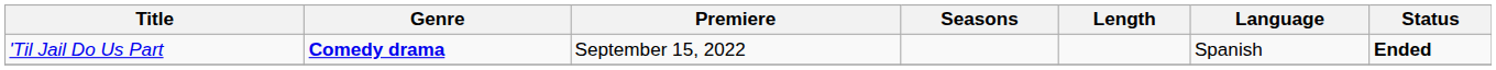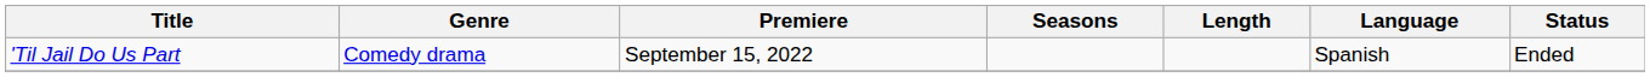 <table class="wikitable sortable" style="width:100%;">
 <tr>
 <th>Title</th>
 <th>Genre</th>
 <th>Premiere</th>
 <th>Seasons</th>
 <th>Length</th>
 <th>Language</th>
 <th>Status</th>
 </tr>
 <tr>
 <td><em><a href='#'>'Til Jail Do Us Part</a></em></td>
-<td><strong><a href='#'>Comedy drama</a></strong></td>
+<td><a href='#'>Comedy drama</a></td>
 <td>September 15, 2022</td>
 <td></td>
 <td></td>
 <td>Spanish</td>
-<td><strong>Ended</strong></td>
+<td>Ended</td>
 </tr>
 <tr>
 </tr>
 </table>
